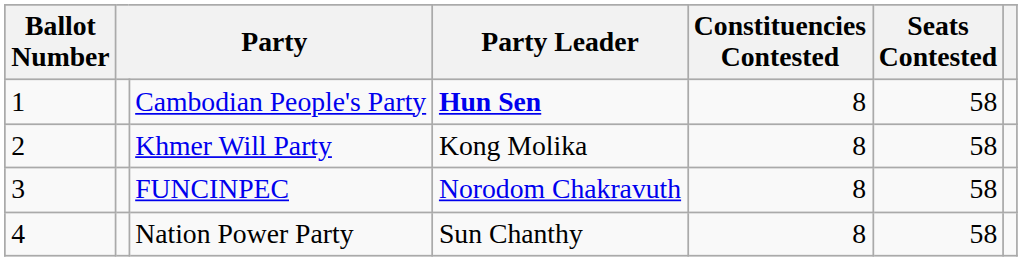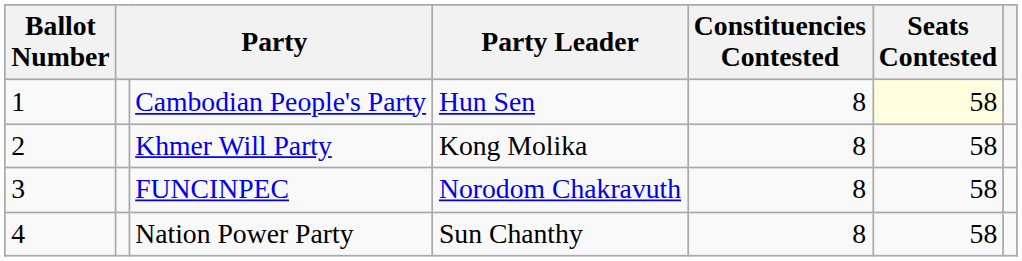 <table class="wikitable sortable" style="text-align:right">
 <tr>
 <th>Ballot<br> Number</th>
 <th colspan="2">Party</th>
 <th>Party Leader</th>
 <th>Constituencies<br> Contested</th>
 <th>Seats<br>Contested</th>
 <th></th>
 </tr>
 <tr>
 <td align="left">1</td>
 <td></td>
 <td align="left"><a href='#'>Cambodian People's Party</a></td>
-<td align="left"><strong><a href='#'>Hun Sen</a></strong></td>
+<td align="left"><a href='#'>Hun Sen</a></td>
 <td>8</td>
-<td>58</td>
+<td style="background: lightyellow;">58</td>
 <td></td>
 </tr>
 <tr>
 <td align="left">2</td>
 <td></td>
 <td align="left"><a href='#'>Khmer Will Party</a></td>
 <td align="left">Kong Molika</td>
 <td>8</td>
 <td>58</td>
 <td></td>
 </tr>
 <tr>
 <td align="left">3</td>
 <td></td>
 <td align="left"><a href='#'>FUNCINPEC</a></td>
 <td align="left"><a href='#'>Norodom Chakravuth</a></td>
 <td>8</td>
 <td>58</td>
 <td></td>
 </tr>
 <tr>
 <td align="left">4</td>
 <td></td>
 <td align="left">Nation Power Party</td>
 <td align="left">Sun Chanthy</td>
 <td>8</td>
 <td>58</td>
 <td></td>
 </tr>
 </table>
